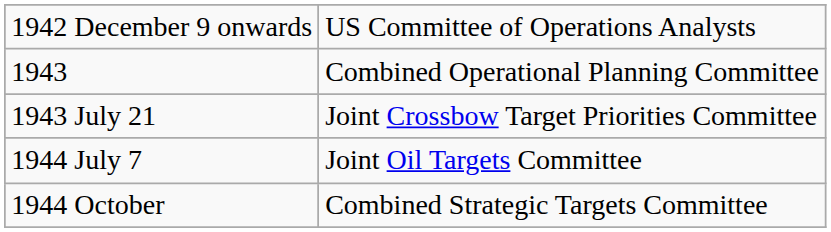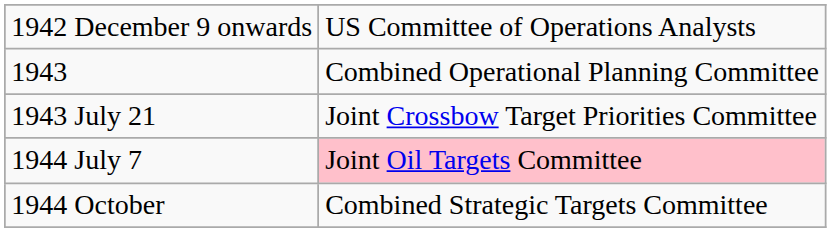 <table class="wikitable">
 <tr>
 <td>1942 December 9 onwards</td>
 <td>US Committee of Operations Analysts</td>
 </tr>
 <tr>
 <td>1943</td>
 <td>Combined Operational Planning Committee</td>
 </tr>
 <tr>
 <td>1943 July 21</td>
 <td>Joint <a href='#'>Crossbow</a> Target Priorities Committee</td>
 </tr>
 <tr>
 <td>1944 July 7</td>
-<td>Joint <a href='#'>Oil Targets</a> Committee</td>
+<td style="background: pink;">Joint <a href='#'>Oil Targets</a> Committee</td>
 </tr>
 <tr>
 <td>1944 October</td>
 <td>Combined Strategic Targets Committee</td>
 </tr>
 </table>
